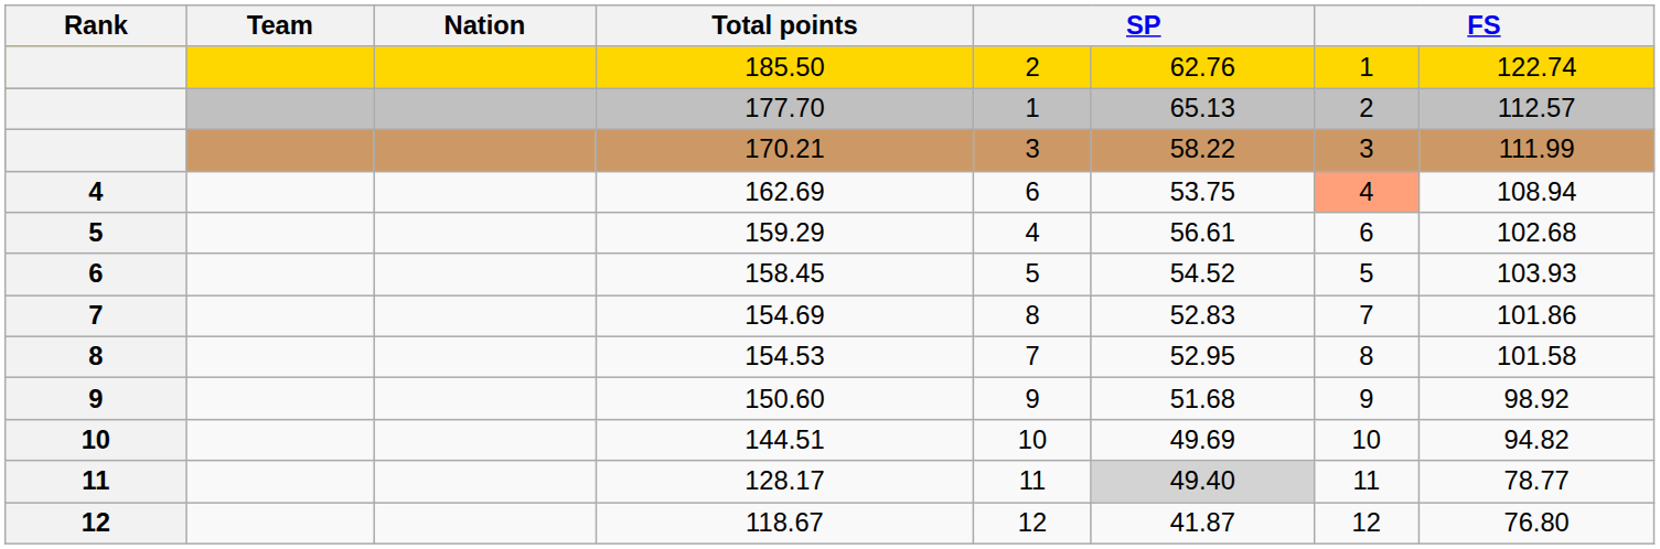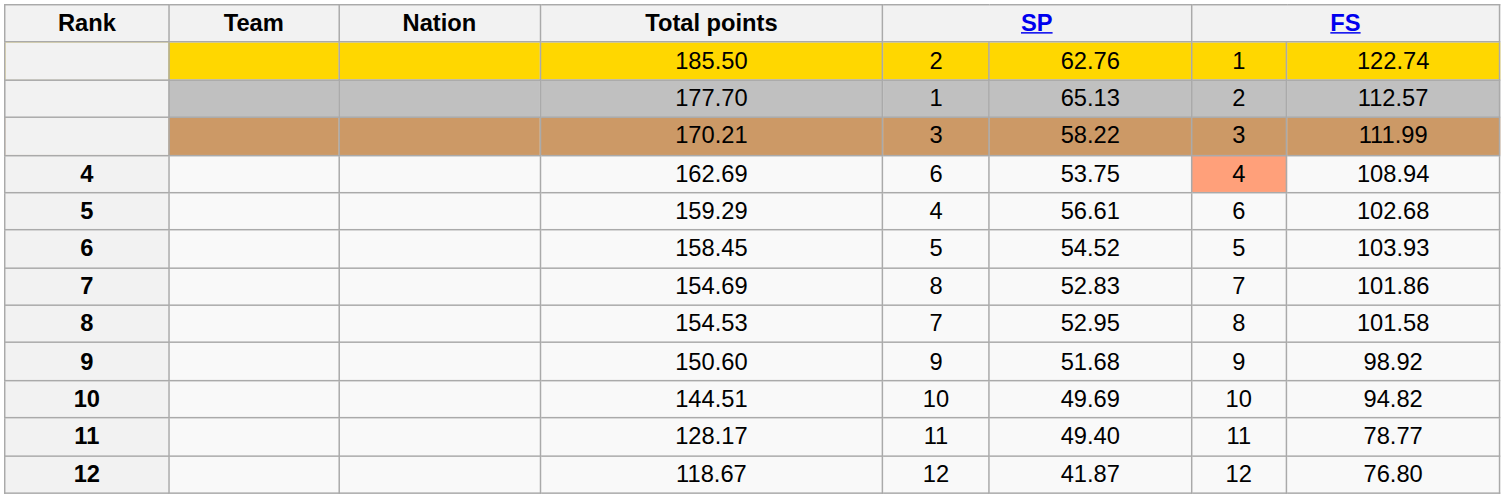 <table class="wikitable sortable" style="text-align:center;" width="80%">
 <tr>
 <th scope="col">Rank</th>
 <th scope="col">Team</th>
 <th scope="col">Nation</th>
 <th scope="col">Total points</th>
 <th scope="col" colspan="2" width="80px"><a href='#'>SP</a></th>
 <th scope="col" colspan="2" width="80px"><a href='#'>FS</a></th>
 </tr>
 <tr bgcolor="gold">
 <th scope="row"></th>
 <td align="left"></td>
 <td align="left"></td>
 <td>185.50</td>
 <td>2</td>
 <td>62.76</td>
 <td>1</td>
 <td>122.74</td>
 </tr>
 <tr bgcolor="silver">
 <th scope="row"></th>
 <td align="left"></td>
 <td align="left"></td>
 <td>177.70</td>
 <td>1</td>
 <td>65.13</td>
 <td>2</td>
 <td>112.57</td>
 </tr>
 <tr bgcolor="cc9966">
 <th scope="row"></th>
 <td align="left"></td>
 <td align="left"></td>
 <td>170.21</td>
 <td>3</td>
 <td>58.22</td>
 <td>3</td>
 <td>111.99</td>
 </tr>
 <tr>
 <th scope="row">4</th>
 <td align="left"></td>
 <td align="left"></td>
 <td>162.69</td>
 <td>6</td>
 <td>53.75</td>
 <td style="background: lightsalmon;">4</td>
 <td>108.94</td>
 </tr>
 <tr>
 <th scope="row">5</th>
 <td align="left"></td>
 <td align="left"></td>
 <td>159.29</td>
 <td>4</td>
 <td>56.61</td>
 <td>6</td>
 <td>102.68</td>
 </tr>
 <tr>
 <th scope="row">6</th>
 <td align="left"></td>
 <td align="left"></td>
 <td>158.45</td>
 <td>5</td>
 <td>54.52</td>
 <td>5</td>
 <td>103.93</td>
 </tr>
 <tr>
 <th scope="row">7</th>
 <td align="left"></td>
 <td align="left"></td>
 <td>154.69</td>
 <td>8</td>
 <td>52.83</td>
 <td>7</td>
 <td>101.86</td>
 </tr>
 <tr>
 <th scope="row">8</th>
 <td align="left"></td>
 <td align="left"></td>
 <td>154.53</td>
 <td>7</td>
 <td>52.95</td>
 <td>8</td>
 <td>101.58</td>
 </tr>
 <tr>
 <th scope="row">9</th>
 <td align="left"></td>
 <td align="left"></td>
 <td>150.60</td>
 <td>9</td>
 <td>51.68</td>
 <td>9</td>
 <td>98.92</td>
 </tr>
 <tr>
 <th scope="row">10</th>
 <td align="left"></td>
 <td align="left"></td>
 <td>144.51</td>
 <td>10</td>
 <td>49.69</td>
 <td>10</td>
 <td>94.82</td>
 </tr>
 <tr>
 <th scope="row">11</th>
 <td align="left"></td>
 <td align="left"></td>
 <td>128.17</td>
 <td>11</td>
-<td style="background: lightgrey;">49.40</td>
+<td>49.40</td>
 <td>11</td>
 <td>78.77</td>
 </tr>
 <tr>
 <th scope="row">12</th>
 <td align="left"></td>
 <td align="left"></td>
 <td>118.67</td>
 <td>12</td>
 <td>41.87</td>
 <td>12</td>
 <td>76.80</td>
 </tr>
 </table>
